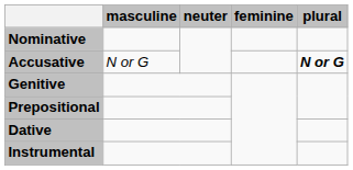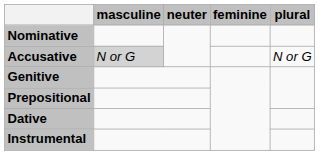 <table class="wikitable">
 <tr>
 <th></th>
 <th style="background:#C0C0C0">masculine</th>
 <th style="background:#C0C0C0">neuter</th>
 <th style="background:#C0C0C0">feminine</th>
 <th style="background:#C0C0C0">plural</th>
 </tr>
 <tr>
 <td style="background:#C0C0C0"><strong>Nominative</strong></td>
 <td></td>
 <td rowspan="2"></td>
 <td></td>
 <td></td>
 </tr>
 <tr>
 <td style="background:#C0C0C0"><strong>Accusative</strong></td>
+<td style="background: lightgrey;"><em>N or G</em></td>
+<td></td>
 <td><em>N or G</em></td>
-<td></td>
-<td><strong><em>N or G</em></strong></td>
 </tr>
 <tr>
 <td style="background:#C0C0C0"><strong>Genitive</strong></td>
 <td colspan="2"></td>
 <td rowspan="4"></td>
 <td rowspan="2"></td>
 </tr>
 <tr>
 <td style="background:#C0C0C0"><strong>Prepositional</strong></td>
 <td colspan="2"></td>
 </tr>
 <tr>
 <td style="background:#C0C0C0"><strong>Dative</strong></td>
 <td colspan="2"></td>
 <td></td>
 </tr>
 <tr>
 <td style="background:#C0C0C0"><strong>Instrumental</strong></td>
 <td colspan="2"></td>
 <td></td>
 </tr>
 </table>
